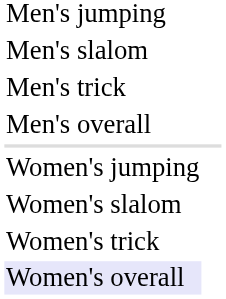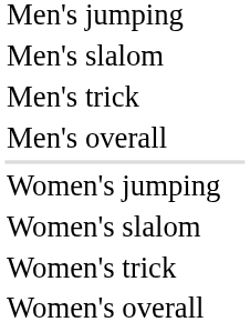 <table>
 <tr>
 <td>Men's jumping</td>
 <td></td>
 <td></td>
 <td></td>
 </tr>
 <tr>
 <td>Men's slalom</td>
 <td></td>
 <td></td>
 <td></td>
 </tr>
 <tr>
 <td>Men's trick</td>
 <td></td>
 <td></td>
 <td></td>
 </tr>
 <tr>
 <td>Men's overall</td>
 <td></td>
 <td></td>
 <td></td>
 </tr>
 <tr style="background:#dddddd;">
 <td colspan=7></td>
 </tr>
 <tr>
 <td>Women's jumping</td>
 <td></td>
 <td></td>
 <td></td>
 </tr>
 <tr>
 <td>Women's slalom</td>
 <td></td>
 <td></td>
 <td></td>
 </tr>
 <tr>
 <td>Women's trick</td>
 <td></td>
 <td></td>
 <td></td>
 </tr>
 <tr>
-<td style="background: lavender;">Women's overall</td>
+<td>Women's overall</td>
 <td></td>
 <td></td>
 <td></td>
 </tr>
 </table>
